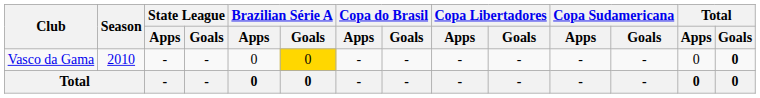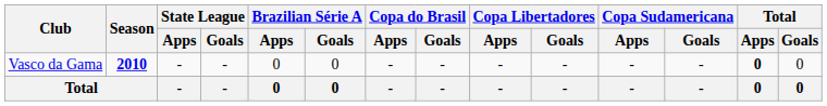 <table class="wikitable" style="text-align: center;">
 <tr>
 <th rowspan="2">Club</th>
 <th rowspan="2">Season</th>
 <th colspan="2">State League</th>
 <th colspan="2"><a href='#'>Brazilian Série A</a></th>
 <th colspan="2"><a href='#'>Copa do Brasil</a></th>
 <th colspan="2"><a href='#'>Copa Libertadores</a></th>
 <th colspan="2"><a href='#'>Copa Sudamericana</a></th>
 <th colspan="2">Total</th>
 </tr>
 <tr>
 <th>Apps</th>
 <th>Goals</th>
 <th>Apps</th>
 <th>Goals</th>
 <th>Apps</th>
 <th>Goals</th>
 <th>Apps</th>
 <th>Goals</th>
 <th>Apps</th>
 <th>Goals</th>
 <th>Apps</th>
 <th>Goals</th>
 </tr>
 <tr>
 <td rowspan="1" valign="center"><a href='#'>Vasco da Gama</a></td>
-<td><a href='#'>2010</a></td>
+<td><strong><a href='#'>2010</a></strong></td>
 <td>-</td>
 <td>-</td>
 <td>0</td>
-<td style="background: gold;">0</td>
+<td>0</td>
 <td>-</td>
 <td>-</td>
 <td>-</td>
 <td>-</td>
 <td>-</td>
 <td>-</td>
+<td><strong>0</strong></td>
 <td>0</td>
-<td><strong>0</strong></td>
 </tr>
 <tr>
 <th colspan="2"><strong>Total</strong></th>
 <th>-</th>
 <th>-</th>
 <th>0</th>
 <th>0</th>
 <th>-</th>
 <th>-</th>
 <th>-</th>
 <th>-</th>
 <th>-</th>
 <th>-</th>
 <th>0</th>
 <th>0</th>
 </tr>
 </table>
